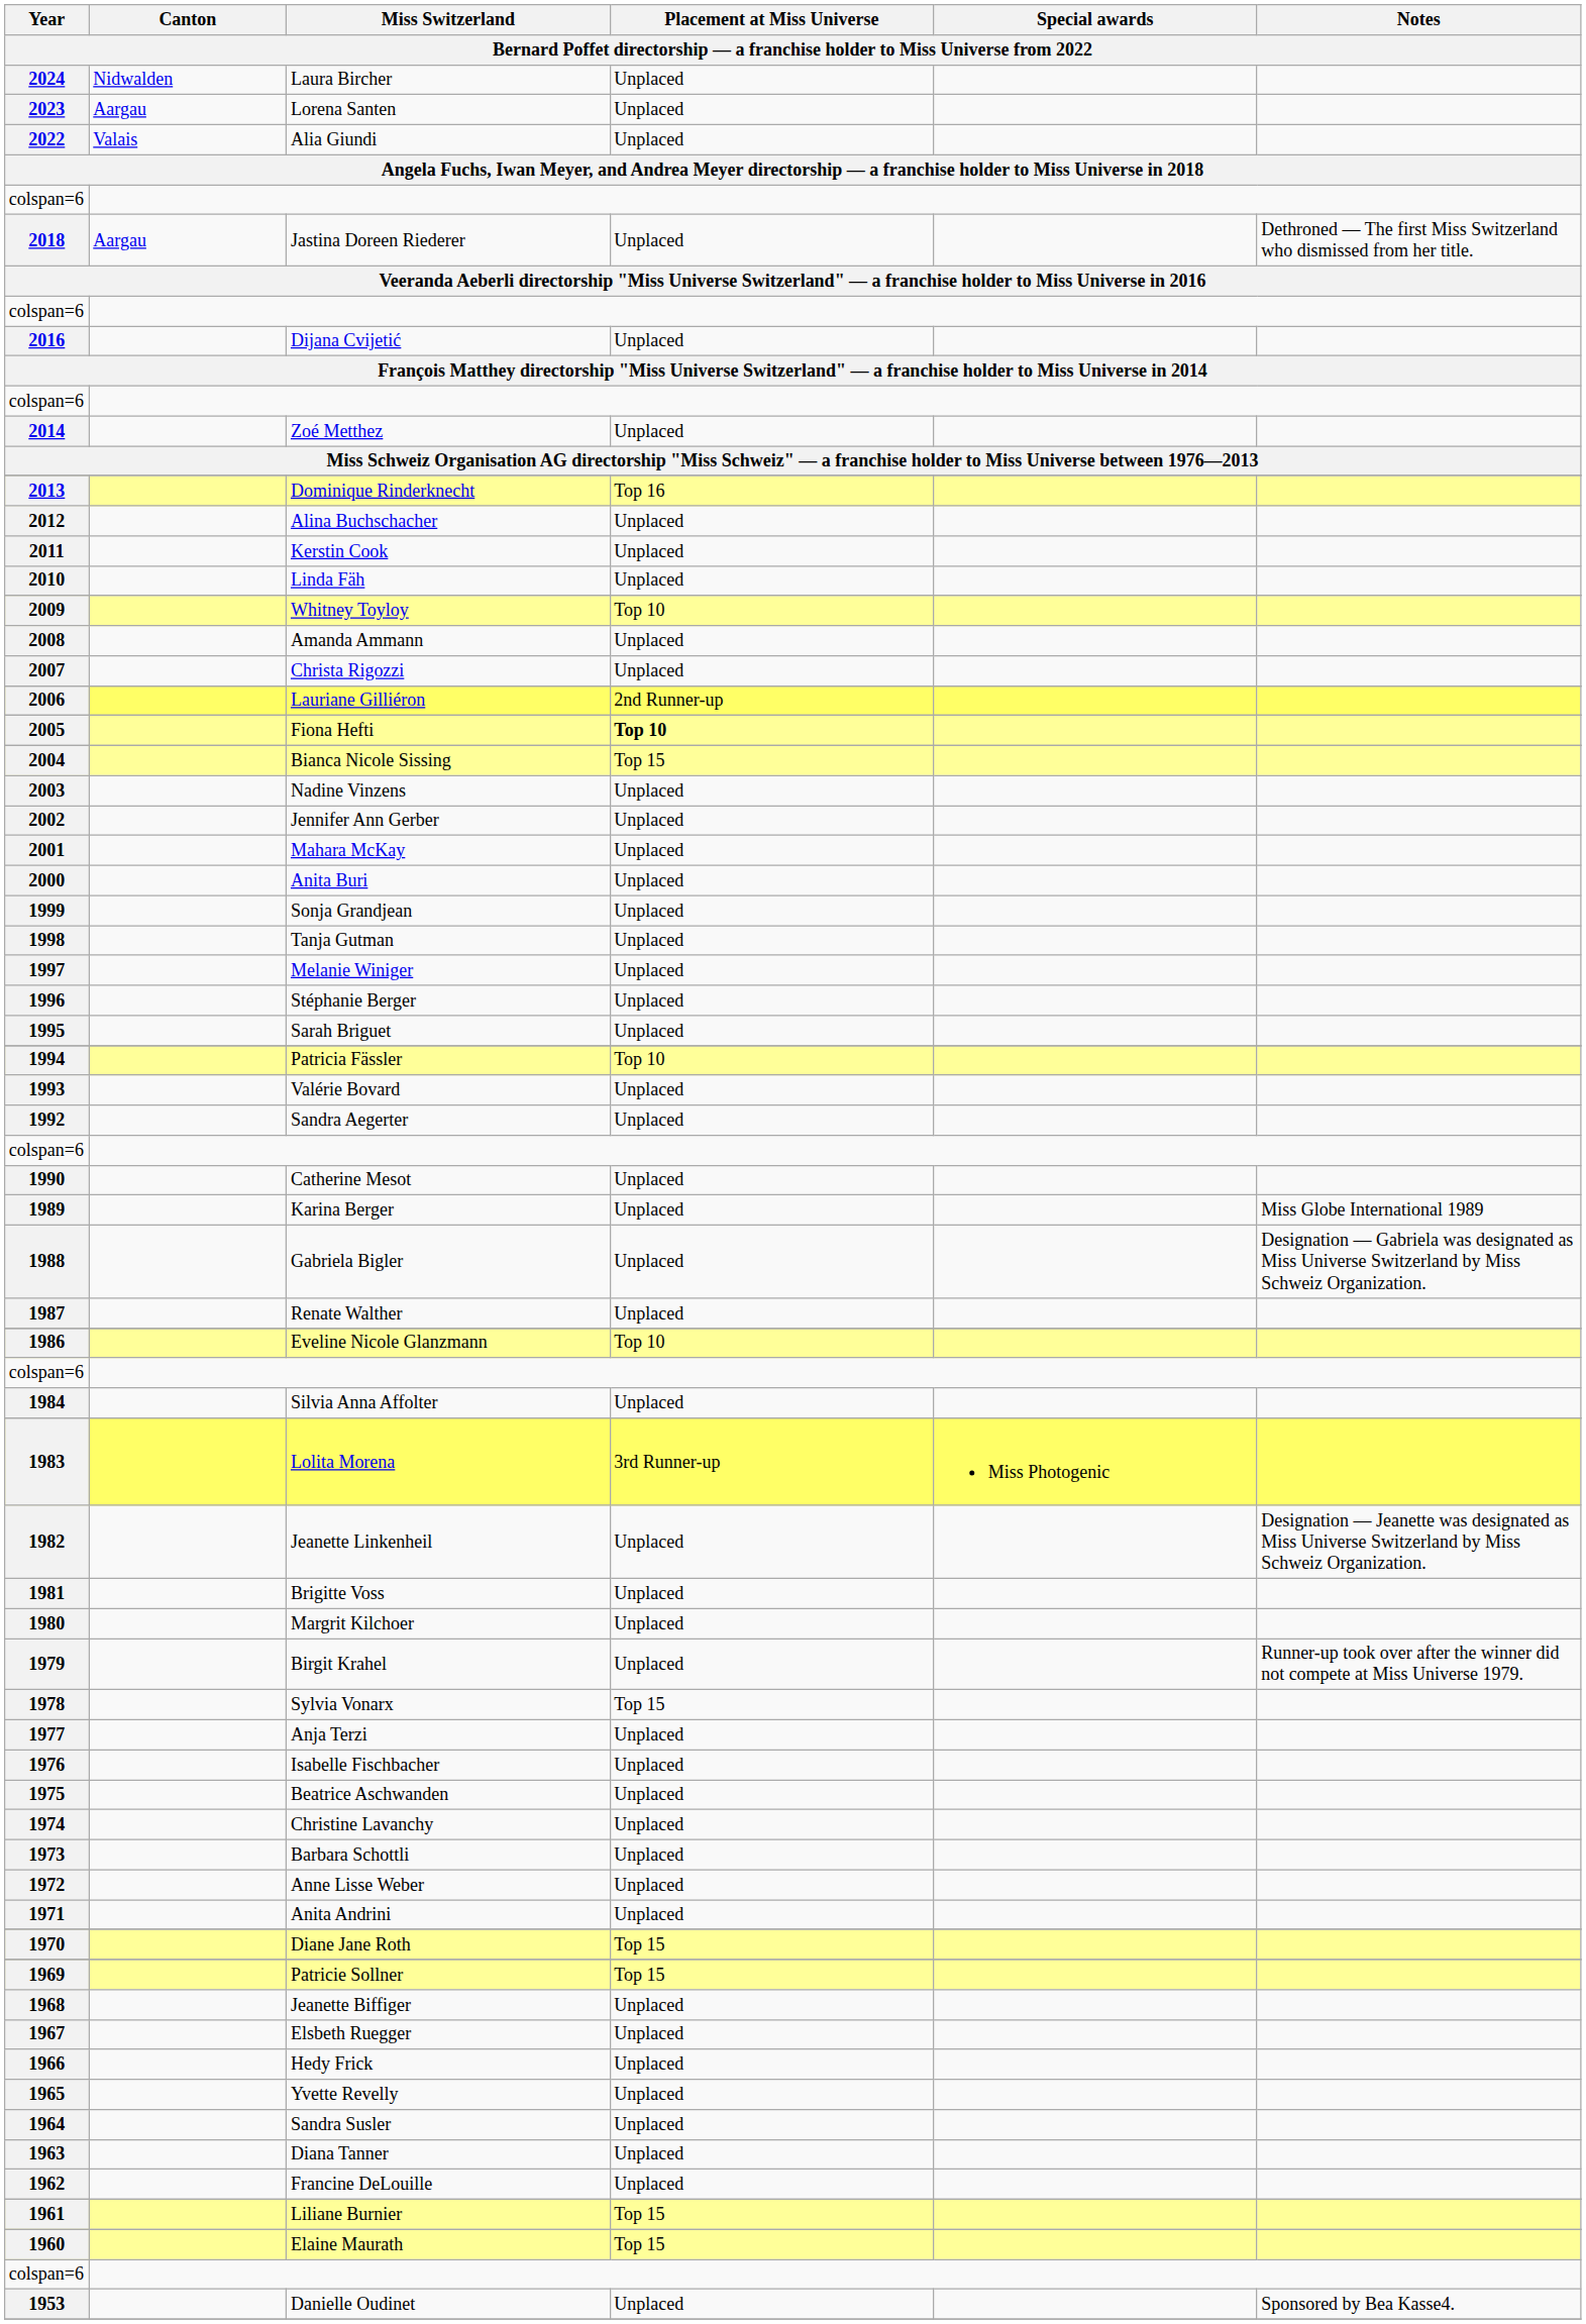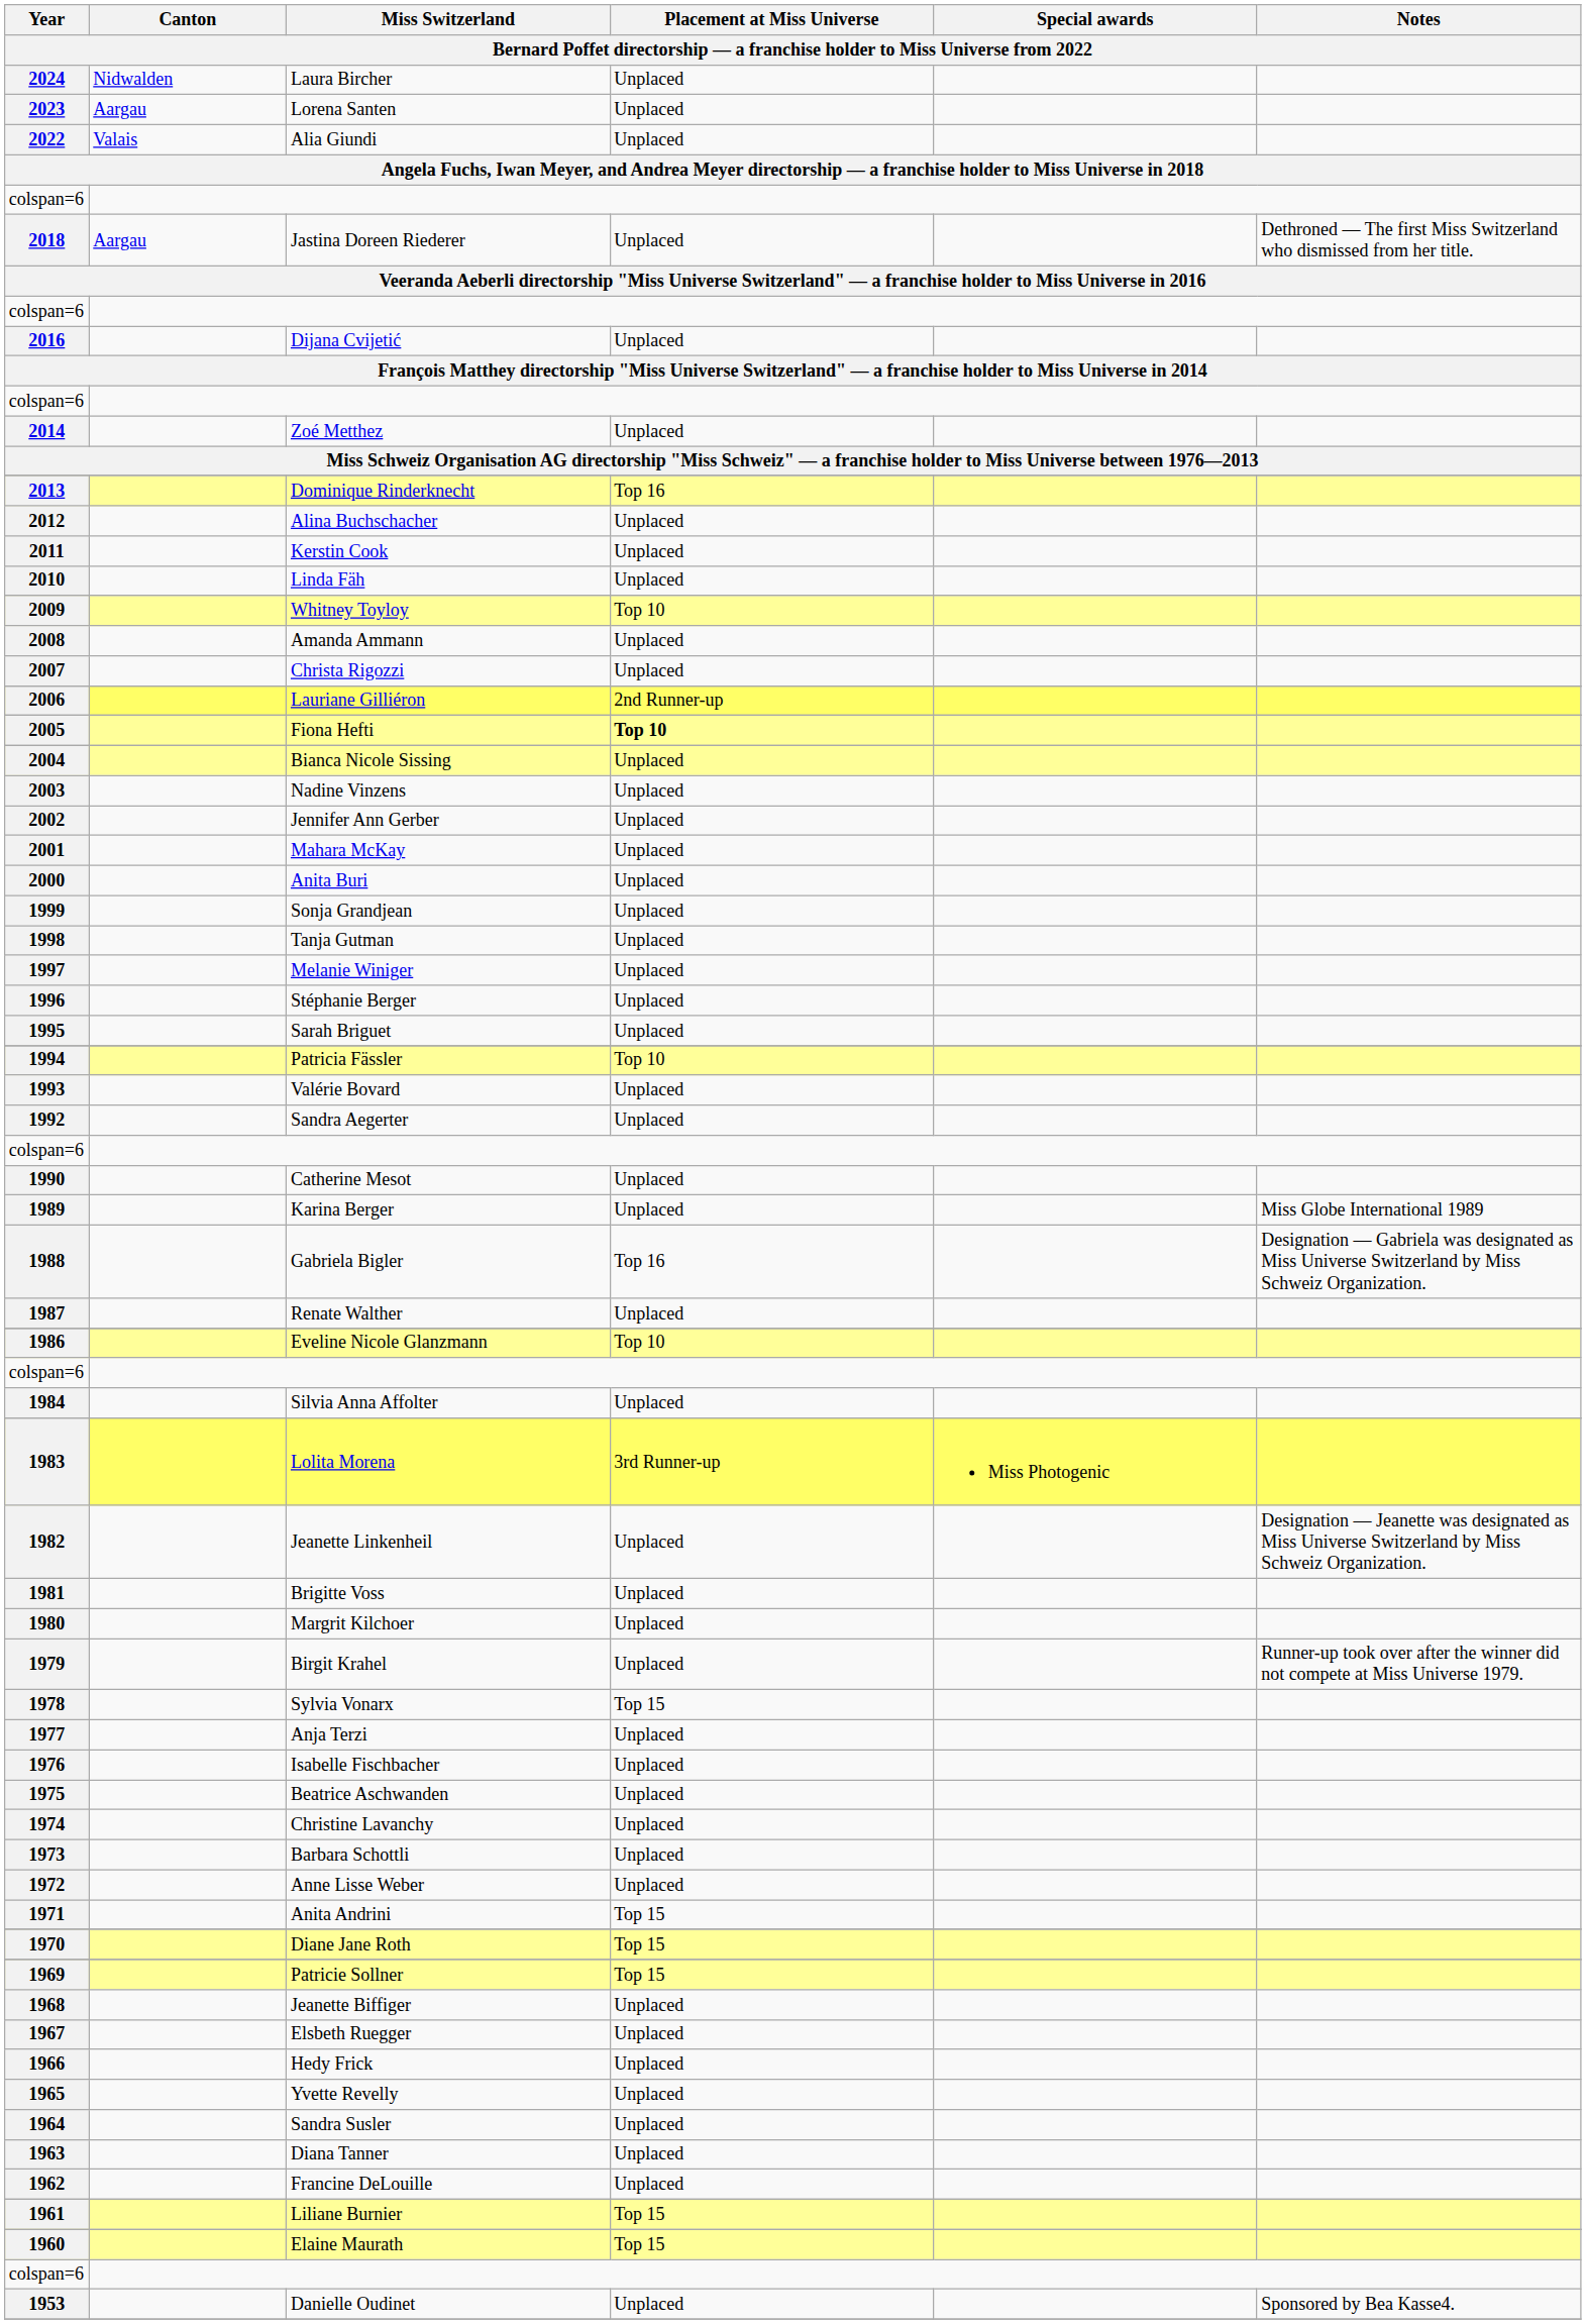 <table class="wikitable " style="font-size: 90%;">
 <tr>
 <th width="60">Year</th>
 <th width="150">Canton</th>
 <th width="250">Miss Switzerland</th>
 <th width="250">Placement at Miss Universe</th>
 <th width="250">Special awards</th>
 <th width="250">Notes</th>
 </tr>
 <tr>
 <th colspan="6">Bernard Poffet directorship — a franchise holder to Miss Universe from 2022</th>
 </tr>
 <tr>
 <th><a href='#'>2024</a></th>
 <td><a href='#'>Nidwalden</a></td>
 <td>Laura Bircher</td>
 <td>Unplaced</td>
 <td></td>
 <td></td>
 </tr>
 <tr>
 <th><a href='#'>2023</a></th>
 <td><a href='#'>Aargau</a></td>
 <td>Lorena Santen</td>
 <td>Unplaced</td>
 <td></td>
 <td></td>
 </tr>
 <tr>
 <th><a href='#'>2022</a></th>
 <td><a href='#'>Valais</a></td>
 <td>Alia Giundi</td>
 <td>Unplaced</td>
 <td></td>
 <td></td>
 </tr>
 <tr>
 <th colspan="6">Angela Fuchs, Iwan Meyer, and Andrea Meyer directorship — a franchise holder to Miss Universe in 2018</th>
 </tr>
 <tr>
 <td>colspan=6 </td>
 </tr>
 <tr>
 <th><a href='#'>2018</a></th>
 <td><a href='#'>Aargau</a></td>
 <td>Jastina Doreen Riederer</td>
 <td>Unplaced</td>
 <td></td>
 <td>Dethroned — The first Miss Switzerland who dismissed from her title.</td>
 </tr>
 <tr>
 <th colspan="6">Veeranda Aeberli directorship "Miss Universe Switzerland" — a franchise holder to Miss Universe in 2016</th>
 </tr>
 <tr>
 <td>colspan=6 </td>
 </tr>
 <tr>
 <th><a href='#'>2016</a></th>
 <td></td>
 <td><a href='#'>Dijana Cvijetić</a></td>
 <td>Unplaced</td>
 <td></td>
 <td></td>
 </tr>
 <tr>
 <th colspan="6">François Matthey directorship "Miss Universe Switzerland" — a franchise holder to Miss Universe in 2014</th>
 </tr>
 <tr>
 <td>colspan=6 </td>
 </tr>
 <tr>
 <th><a href='#'>2014</a></th>
 <td></td>
 <td><a href='#'>Zoé Metthez</a></td>
 <td>Unplaced</td>
 <td></td>
 <td></td>
 </tr>
 <tr>
 <th colspan="6">Miss Schweiz Organisation AG directorship "Miss Schweiz" — a franchise holder to Miss Universe between 1976―2013</th>
 </tr>
 <tr>
 </tr>
 <tr style="background-color:#FFFF99;">
 <th><a href='#'>2013</a></th>
 <td></td>
 <td><a href='#'>Dominique Rinderknecht</a></td>
 <td>Top 16</td>
 <td></td>
 <td></td>
 </tr>
 <tr>
 <th>2012</th>
 <td></td>
 <td><a href='#'>Alina Buchschacher</a></td>
 <td>Unplaced</td>
 <td></td>
 <td></td>
 </tr>
 <tr>
 <th>2011</th>
 <td></td>
 <td><a href='#'>Kerstin Cook</a></td>
 <td>Unplaced</td>
 <td></td>
 <td></td>
 </tr>
 <tr>
 <th>2010</th>
 <td></td>
 <td><a href='#'>Linda Fäh</a></td>
 <td>Unplaced</td>
 <td></td>
 <td></td>
 </tr>
 <tr>
 </tr>
 <tr style="background-color:#FFFF99;">
 <th>2009</th>
 <td></td>
 <td><a href='#'>Whitney Toyloy</a></td>
 <td>Top 10</td>
 <td></td>
 <td></td>
 </tr>
 <tr>
 <th>2008</th>
 <td></td>
 <td>Amanda Ammann</td>
 <td>Unplaced</td>
 <td></td>
 <td></td>
 </tr>
 <tr>
 <th>2007</th>
 <td></td>
 <td><a href='#'>Christa Rigozzi</a></td>
 <td>Unplaced</td>
 <td></td>
 <td></td>
 </tr>
 <tr>
 </tr>
 <tr style="background-color:#FFFF66;">
 <th>2006</th>
 <td></td>
 <td><a href='#'>Lauriane Gilliéron</a></td>
 <td>2nd Runner-up</td>
 <td></td>
 <td></td>
 </tr>
 <tr>
 </tr>
 <tr style="background-color:#FFFF99;">
 <th>2005</th>
 <td></td>
 <td>Fiona Hefti</td>
 <td><strong>Top 10</strong></td>
 <td></td>
 <td></td>
 </tr>
 <tr>
 </tr>
 <tr style="background-color:#FFFF99;">
 <th>2004</th>
 <td></td>
 <td>Bianca Nicole Sissing</td>
-<td>Top 15</td>
+<td>Unplaced</td>
 <td></td>
 <td></td>
 </tr>
 <tr>
 <th>2003</th>
 <td></td>
 <td>Nadine Vinzens</td>
 <td>Unplaced</td>
 <td></td>
 <td></td>
 </tr>
 <tr>
 <th>2002</th>
 <td></td>
 <td>Jennifer Ann Gerber</td>
 <td>Unplaced</td>
 <td></td>
 <td></td>
 </tr>
 <tr>
 <th>2001</th>
 <td></td>
 <td><a href='#'>Mahara McKay</a></td>
 <td>Unplaced</td>
 <td></td>
 <td></td>
 </tr>
 <tr>
 <th>2000</th>
 <td></td>
 <td><a href='#'>Anita Buri</a></td>
 <td>Unplaced</td>
 <td></td>
 <td></td>
 </tr>
 <tr>
 <th>1999</th>
 <td></td>
 <td>Sonja Grandjean</td>
 <td>Unplaced</td>
 <td></td>
 <td></td>
 </tr>
 <tr>
 <th>1998</th>
 <td></td>
 <td>Tanja Gutman</td>
 <td>Unplaced</td>
 <td></td>
 <td></td>
 </tr>
 <tr>
 <th>1997</th>
 <td></td>
 <td><a href='#'>Melanie Winiger</a></td>
 <td>Unplaced</td>
 <td></td>
 <td></td>
 </tr>
 <tr>
 <th>1996</th>
 <td></td>
 <td>Stéphanie Berger</td>
 <td>Unplaced</td>
 <td></td>
 <td></td>
 </tr>
 <tr>
 <th>1995</th>
 <td></td>
 <td>Sarah Briguet</td>
 <td>Unplaced</td>
 <td></td>
 <td></td>
 </tr>
 <tr>
 </tr>
 <tr style="background-color:#FFFF99;">
 <th>1994</th>
 <td></td>
 <td>Patricia Fässler</td>
 <td>Top 10</td>
 <td></td>
 <td></td>
 </tr>
 <tr>
 <th>1993</th>
 <td></td>
 <td>Valérie Bovard</td>
 <td>Unplaced</td>
 <td></td>
 <td></td>
 </tr>
 <tr>
 <th>1992</th>
 <td></td>
 <td>Sandra Aegerter</td>
 <td>Unplaced</td>
 <td></td>
 <td></td>
 </tr>
 <tr>
 <td>colspan=6 </td>
 </tr>
 <tr>
 <th>1990</th>
 <td></td>
 <td>Catherine Mesot</td>
 <td>Unplaced</td>
 <td></td>
 <td></td>
 </tr>
 <tr>
 <th>1989</th>
 <td></td>
 <td>Karina Berger</td>
 <td>Unplaced</td>
 <td></td>
 <td>Miss Globe International 1989</td>
 </tr>
 <tr>
 <th>1988</th>
 <td></td>
 <td>Gabriela Bigler</td>
-<td>Unplaced</td>
+<td>Top 16</td>
 <td></td>
 <td>Designation — Gabriela was designated as Miss Universe Switzerland by Miss Schweiz Organization.</td>
 </tr>
 <tr>
 <th>1987</th>
 <td></td>
 <td>Renate Walther</td>
 <td>Unplaced</td>
 <td></td>
 <td></td>
 </tr>
 <tr>
 </tr>
 <tr style="background-color:#FFFF99;">
 <th>1986</th>
 <td></td>
 <td>Eveline Nicole Glanzmann</td>
 <td>Top 10</td>
 <td></td>
 <td></td>
 </tr>
 <tr>
 <td>colspan=6 </td>
 </tr>
 <tr>
 <th>1984</th>
 <td></td>
 <td>Silvia Anna Affolter</td>
 <td>Unplaced</td>
 <td></td>
 <td></td>
 </tr>
 <tr>
 </tr>
 <tr style="background-color:#FFFF66;">
 <th>1983</th>
 <td></td>
 <td><a href='#'>Lolita Morena</a></td>
 <td>3rd Runner-up</td>
 <td align="left"><br><ul><li>Miss Photogenic</li></ul></td>
 <td></td>
 </tr>
 <tr>
 <th>1982</th>
 <td></td>
 <td>Jeanette Linkenheil</td>
 <td>Unplaced</td>
 <td></td>
 <td>Designation — Jeanette was designated as Miss Universe Switzerland by Miss Schweiz Organization.</td>
 </tr>
 <tr>
 <th>1981</th>
 <td></td>
 <td>Brigitte Voss</td>
 <td>Unplaced</td>
 <td></td>
 <td></td>
 </tr>
 <tr>
 <th>1980</th>
 <td></td>
 <td>Margrit Kilchoer</td>
 <td>Unplaced</td>
 <td></td>
 <td></td>
 </tr>
 <tr>
 <th>1979</th>
 <td></td>
 <td>Birgit Krahel</td>
 <td>Unplaced</td>
 <td></td>
 <td>Runner-up took over after the winner did not compete at Miss Universe 1979.</td>
 </tr>
 <tr>
 <th>1978</th>
 <td></td>
 <td>Sylvia Vonarx</td>
 <td>Top 15</td>
 <td></td>
 <td></td>
 </tr>
 <tr>
 <th>1977</th>
 <td></td>
 <td>Anja Terzi</td>
 <td>Unplaced</td>
 <td></td>
 <td></td>
 </tr>
 <tr>
 <th>1976</th>
 <td></td>
 <td>Isabelle Fischbacher</td>
 <td>Unplaced</td>
 <td></td>
 <td></td>
 </tr>
 <tr>
 <th>1975</th>
 <td></td>
 <td>Beatrice Aschwanden</td>
 <td>Unplaced</td>
 <td></td>
 <td></td>
 </tr>
 <tr>
 <th>1974</th>
 <td></td>
 <td>Christine Lavanchy</td>
 <td>Unplaced</td>
 <td></td>
 <td></td>
 </tr>
 <tr>
 <th>1973</th>
 <td></td>
 <td>Barbara Schottli</td>
 <td>Unplaced</td>
 <td></td>
 <td></td>
 </tr>
 <tr>
 <th>1972</th>
 <td></td>
 <td>Anne Lisse Weber</td>
 <td>Unplaced</td>
 <td></td>
 <td></td>
 </tr>
 <tr>
 <th>1971</th>
 <td></td>
 <td>Anita Andrini</td>
-<td>Unplaced</td>
+<td>Top 15</td>
 <td></td>
 <td></td>
 </tr>
 <tr>
 </tr>
 <tr style="background-color:#FFFF99;">
 <th>1970</th>
 <td></td>
 <td>Diane Jane Roth</td>
 <td>Top 15</td>
 <td></td>
 <td></td>
 </tr>
 <tr>
 </tr>
 <tr style="background-color:#FFFF99;">
 <th>1969</th>
 <td></td>
 <td>Patricie Sollner</td>
 <td>Top 15</td>
 <td></td>
 <td></td>
 </tr>
 <tr>
 <th>1968</th>
 <td></td>
 <td>Jeanette Biffiger</td>
 <td>Unplaced</td>
 <td></td>
 <td></td>
 </tr>
 <tr>
 <th>1967</th>
 <td></td>
 <td>Elsbeth Ruegger</td>
 <td>Unplaced</td>
 <td></td>
 <td></td>
 </tr>
 <tr>
 <th>1966</th>
 <td></td>
 <td>Hedy Frick</td>
 <td>Unplaced</td>
 <td></td>
 <td></td>
 </tr>
 <tr>
 <th>1965</th>
 <td></td>
 <td>Yvette Revelly</td>
 <td>Unplaced</td>
 <td></td>
 <td></td>
 </tr>
 <tr>
 <th>1964</th>
 <td></td>
 <td>Sandra Susler</td>
 <td>Unplaced</td>
 <td></td>
 <td></td>
 </tr>
 <tr>
 <th>1963</th>
 <td></td>
 <td>Diana Tanner</td>
 <td>Unplaced</td>
 <td></td>
 <td></td>
 </tr>
 <tr>
 <th>1962</th>
 <td></td>
 <td>Francine DeLouille</td>
 <td>Unplaced</td>
 <td></td>
 <td></td>
 </tr>
 <tr>
 </tr>
 <tr style="background-color:#FFFF99;">
 <th>1961</th>
 <td></td>
 <td>Liliane Burnier</td>
 <td>Top 15</td>
 <td></td>
 <td></td>
 </tr>
 <tr>
 </tr>
 <tr style="background-color:#FFFF99;">
 <th>1960</th>
 <td></td>
 <td>Elaine Maurath</td>
 <td>Top 15</td>
 <td></td>
 <td></td>
 </tr>
 <tr>
 <td>colspan=6 </td>
 </tr>
 <tr>
 <th>1953</th>
 <td></td>
 <td>Danielle Oudinet</td>
 <td>Unplaced</td>
 <td></td>
 <td>Sponsored by Bea Kasse4.</td>
 </tr>
 <tr>
 </tr>
 </table>
